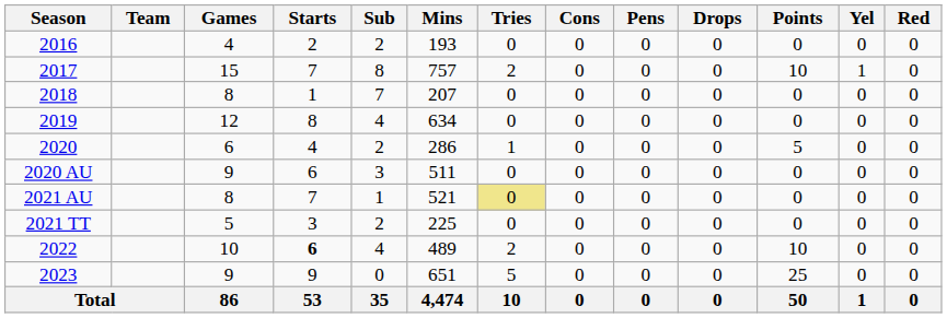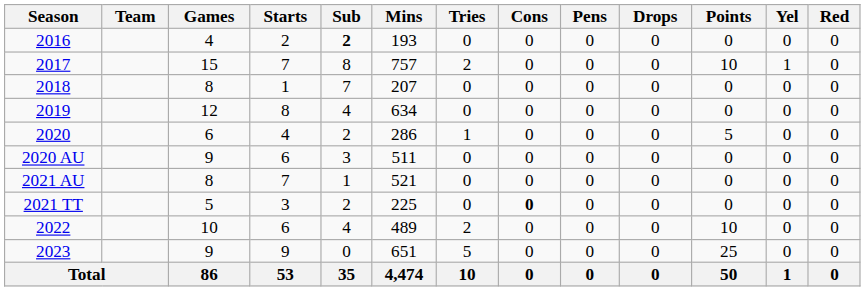 <table class="wikitable" style="text-align:center; line-height:90%; font-size:95%; width:60%;">
 <tr>
 <th>Season</th>
 <th>Team</th>
 <th>Games</th>
 <th>Starts</th>
 <th>Sub</th>
 <th>Mins</th>
 <th>Tries</th>
 <th>Cons</th>
 <th>Pens</th>
 <th>Drops</th>
 <th>Points</th>
 <th>Yel</th>
 <th>Red</th>
 </tr>
 <tr>
 <td><a href='#'>2016</a></td>
 <td></td>
 <td>4</td>
 <td>2</td>
-<td>2</td>
+<td><strong>2</strong></td>
 <td>193</td>
 <td>0</td>
 <td>0</td>
 <td>0</td>
 <td>0</td>
 <td>0</td>
 <td>0</td>
 <td>0</td>
 </tr>
 <tr>
 <td><a href='#'>2017</a></td>
 <td></td>
 <td>15</td>
 <td>7</td>
 <td>8</td>
 <td>757</td>
 <td>2</td>
 <td>0</td>
 <td>0</td>
 <td>0</td>
 <td>10</td>
 <td>1</td>
 <td>0</td>
 </tr>
 <tr>
 <td><a href='#'>2018</a></td>
 <td></td>
 <td>8</td>
 <td>1</td>
 <td>7</td>
 <td>207</td>
 <td>0</td>
 <td>0</td>
 <td>0</td>
 <td>0</td>
 <td>0</td>
 <td>0</td>
 <td>0</td>
 </tr>
 <tr>
 <td><a href='#'>2019</a></td>
 <td></td>
 <td>12</td>
 <td>8</td>
 <td>4</td>
 <td>634</td>
 <td>0</td>
 <td>0</td>
 <td>0</td>
 <td>0</td>
 <td>0</td>
 <td>0</td>
 <td>0</td>
 </tr>
 <tr>
 <td><a href='#'>2020</a></td>
 <td></td>
 <td>6</td>
 <td>4</td>
 <td>2</td>
 <td>286</td>
 <td>1</td>
 <td>0</td>
 <td>0</td>
 <td>0</td>
 <td>5</td>
 <td>0</td>
 <td>0</td>
 </tr>
 <tr>
 <td><a href='#'>2020 AU</a></td>
 <td></td>
 <td>9</td>
 <td>6</td>
 <td>3</td>
 <td>511</td>
 <td>0</td>
 <td>0</td>
 <td>0</td>
 <td>0</td>
 <td>0</td>
 <td>0</td>
 <td>0</td>
 </tr>
 <tr>
 <td><a href='#'>2021 AU</a></td>
 <td></td>
 <td>8</td>
 <td>7</td>
 <td>1</td>
 <td>521</td>
-<td style="background: khaki;">0</td>
+<td>0</td>
 <td>0</td>
 <td>0</td>
 <td>0</td>
 <td>0</td>
 <td>0</td>
 <td>0</td>
 </tr>
 <tr>
 <td><a href='#'>2021 TT</a></td>
 <td></td>
 <td>5</td>
 <td>3</td>
 <td>2</td>
 <td>225</td>
 <td>0</td>
-<td>0</td>
+<td><strong>0</strong></td>
 <td>0</td>
 <td>0</td>
 <td>0</td>
 <td>0</td>
 <td>0</td>
 </tr>
 <tr>
 <td><a href='#'>2022</a></td>
 <td></td>
 <td>10</td>
-<td><strong>6</strong></td>
+<td>6</td>
 <td>4</td>
 <td>489</td>
 <td>2</td>
 <td>0</td>
 <td>0</td>
 <td>0</td>
 <td>10</td>
 <td>0</td>
 <td>0</td>
 </tr>
 <tr>
 <td><a href='#'>2023</a></td>
 <td></td>
 <td>9</td>
 <td>9</td>
 <td>0</td>
 <td>651</td>
 <td>5</td>
 <td>0</td>
 <td>0</td>
 <td>0</td>
 <td>25</td>
 <td>0</td>
 <td>0</td>
 </tr>
 <tr>
 <th colspan="2">Total</th>
 <th>86</th>
 <th>53</th>
 <th>35</th>
 <th>4,474</th>
 <th>10</th>
 <th>0</th>
 <th>0</th>
 <th>0</th>
 <th>50</th>
 <th>1</th>
 <th>0</th>
 </tr>
 </table>
